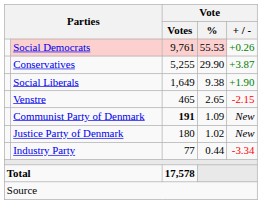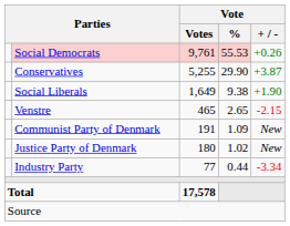 <table class="wikitable" style="text-align:right;">
 <tr>
 <th style="text-align:centre;" rowspan="2" colspan="2" width="225">Parties</th>
 <th colspan="3">Vote</th>
 </tr>
 <tr>
 <th width="15">Votes</th>
 <th width="15">%</th>
 <th width="15">+ / -</th>
 </tr>
 <tr>
 <td width="2" style="color:inherit;background:"></td>
 <td bgcolor=#fbd0ce  align="left"><a href='#'>Social Democrats</a></td>
 <td bgcolor=#fbd0ce>9,761</td>
 <td bgcolor=#fbd0ce>55.53</td>
 <td style=color:green;>+0.26</td>
 </tr>
 <tr>
 <td width="2" style="color:inherit;background:"></td>
 <td align="left"><a href='#'>Conservatives</a></td>
 <td>5,255</td>
 <td>29.90</td>
 <td style=color:green;>+3.87</td>
 </tr>
 <tr>
 <td width="2" style="color:inherit;background:"></td>
 <td align="left"><a href='#'>Social Liberals</a></td>
 <td>1,649</td>
 <td>9.38</td>
 <td style=color:green;>+1.90</td>
 </tr>
 <tr>
 <td width="2" style="color:inherit;background:"></td>
 <td align="left"><a href='#'>Venstre</a></td>
 <td>465</td>
 <td>2.65</td>
 <td style=color:red;>-2.15</td>
 </tr>
 <tr>
 <td width="2" style="color:inherit;background:"></td>
 <td align="left"><a href='#'>Communist Party of Denmark</a></td>
-<td><strong>191</strong></td>
+<td>191</td>
 <td>1.09</td>
 <td><em>New</em></td>
 </tr>
 <tr>
 <td width="2" style="color:inherit;background:"></td>
 <td align="left"><a href='#'>Justice Party of Denmark</a></td>
 <td>180</td>
 <td>1.02</td>
 <td><em>New</em></td>
 </tr>
 <tr>
 <td width="2" style="color:inherit;background:"></td>
 <td align="left"><a href='#'>Industry Party</a></td>
 <td>77</td>
 <td>0.44</td>
 <td style=color:red;>-3.34</td>
 </tr>
 <tr>
 <td colspan="7" bgcolor="#E9E9E9"></td>
 </tr>
 <tr>
 <td align="left" colspan="2"><strong>Total</strong></td>
 <td><strong>17,578</strong></td>
 <td bgcolor="#E9E9E9" colspan="2"></td>
 </tr>
 <tr>
 <td align="left" colspan="6">Source</td>
 </tr>
 </table>
